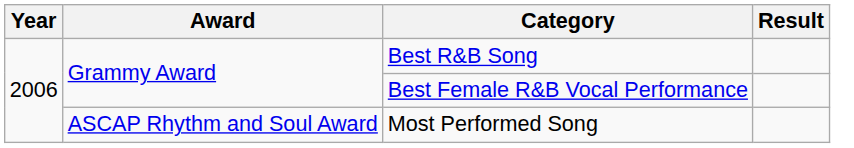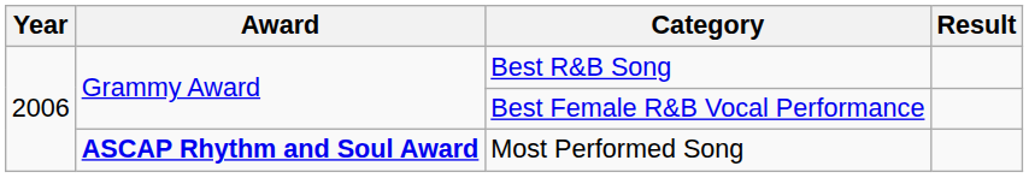 <table class=wikitable>
 <tr>
 <th>Year</th>
 <th>Award</th>
 <th>Category</th>
 <th>Result</th>
 </tr>
 <tr>
 <td rowspan="3">2006</td>
 <td rowspan="2"><a href='#'>Grammy Award</a></td>
 <td><a href='#'>Best R&B Song</a></td>
 <td></td>
 </tr>
 <tr>
 <td><a href='#'>Best Female R&B Vocal Performance</a></td>
 <td></td>
 </tr>
 <tr>
-<td><a href='#'>ASCAP Rhythm and Soul Award</a></td>
+<td><strong><a href='#'>ASCAP Rhythm and Soul Award</a></strong></td>
 <td>Most Performed Song</td>
 <td></td>
 </tr>
 </table>
